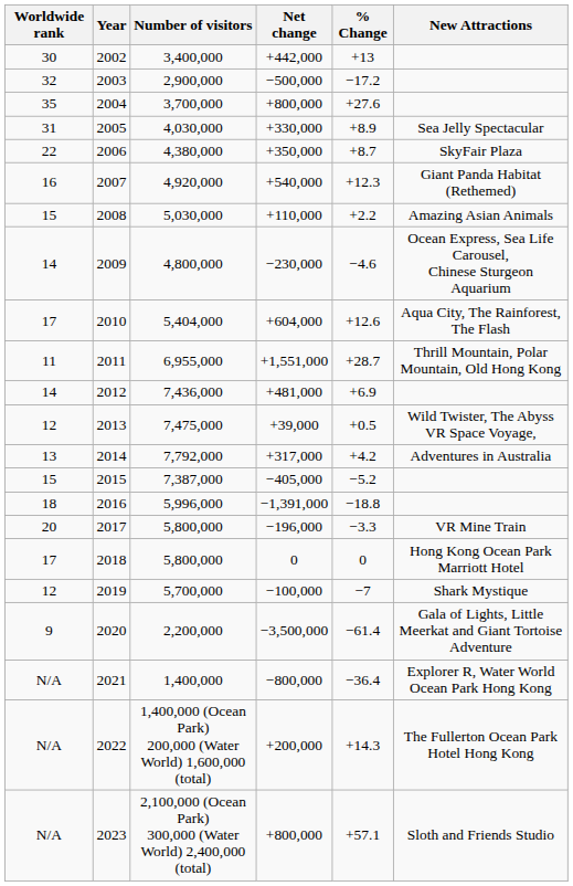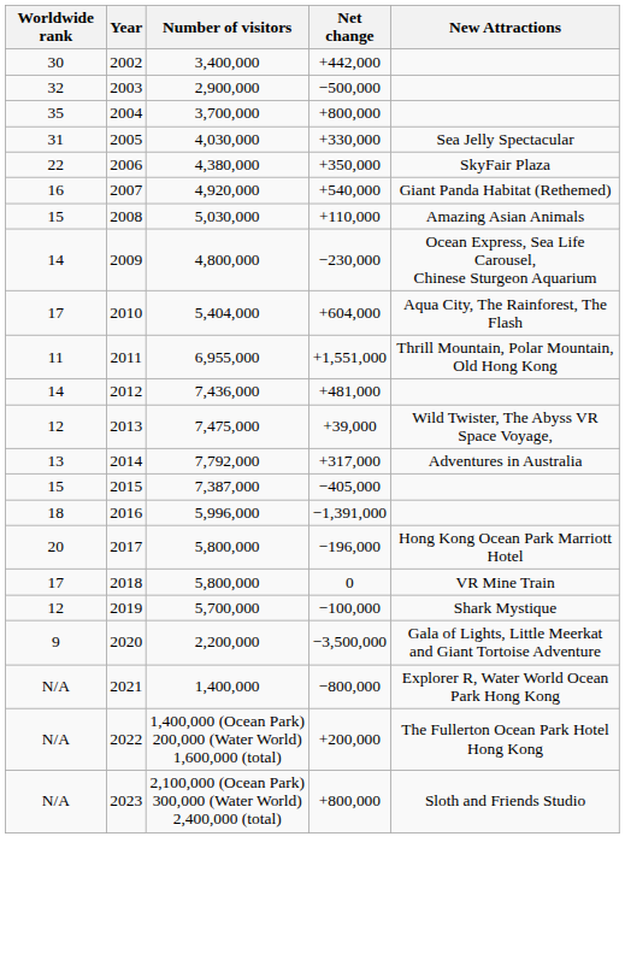 <table class="wikitable sortable mw-collapsible mw-collapsed" style=";text-align:center">
 <tr>
 <th>Worldwide rank</th>
 <th>Year</th>
 <th>Number of visitors</th>
 <th>Net change</th>
-<th>% Change</th>
 <th>New Attractions</th>
 </tr>
 <tr>
 <td>30</td>
 <td>2002</td>
 <td>3,400,000</td>
 <td>+442,000</td>
-<td>+13</td>
 <td></td>
 </tr>
 <tr>
 <td>32</td>
 <td>2003</td>
 <td>2,900,000</td>
 <td>−500,000</td>
-<td>−17.2</td>
 <td></td>
 </tr>
 <tr>
 <td>35</td>
 <td>2004</td>
 <td>3,700,000</td>
 <td>+800,000</td>
-<td>+27.6</td>
 <td></td>
 </tr>
 <tr>
 <td>31</td>
 <td>2005</td>
 <td>4,030,000</td>
 <td>+330,000</td>
-<td>+8.9</td>
 <td>Sea Jelly Spectacular</td>
 </tr>
 <tr>
 <td>22</td>
 <td>2006</td>
 <td>4,380,000</td>
 <td>+350,000</td>
-<td>+8.7</td>
 <td>SkyFair Plaza</td>
 </tr>
 <tr>
 <td>16</td>
 <td>2007</td>
 <td>4,920,000</td>
 <td>+540,000</td>
-<td>+12.3</td>
 <td>Giant Panda Habitat (Rethemed)</td>
 </tr>
 <tr>
 <td>15</td>
 <td>2008</td>
 <td>5,030,000</td>
 <td>+110,000</td>
-<td>+2.2</td>
 <td>Amazing Asian Animals</td>
 </tr>
 <tr>
 <td>14</td>
 <td>2009</td>
 <td>4,800,000</td>
 <td>−230,000</td>
-<td>−4.6</td>
 <td>Ocean Express, Sea Life Carousel,<br>Chinese Sturgeon Aquarium</td>
 </tr>
 <tr>
 <td>17</td>
 <td>2010</td>
 <td>5,404,000</td>
 <td>+604,000</td>
-<td>+12.6</td>
 <td>Aqua City, The Rainforest, The Flash</td>
 </tr>
 <tr>
 <td>11</td>
 <td>2011</td>
 <td>6,955,000</td>
 <td>+1,551,000</td>
-<td>+28.7</td>
 <td>Thrill Mountain, Polar Mountain, Old Hong Kong</td>
 </tr>
 <tr>
 <td>14</td>
 <td>2012</td>
 <td>7,436,000</td>
 <td>+481,000</td>
-<td>+6.9</td>
 <td></td>
 </tr>
 <tr>
 <td>12</td>
 <td>2013</td>
 <td>7,475,000</td>
 <td>+39,000</td>
-<td>+0.5</td>
 <td>Wild Twister, The Abyss VR Space Voyage,</td>
 </tr>
 <tr>
 <td>13</td>
 <td>2014</td>
 <td>7,792,000</td>
 <td>+317,000</td>
-<td>+4.2</td>
 <td>Adventures in Australia</td>
 </tr>
 <tr>
 <td>15</td>
 <td>2015</td>
 <td>7,387,000</td>
 <td>−405,000</td>
-<td>−5.2</td>
 <td></td>
 </tr>
 <tr>
 <td>18</td>
 <td>2016</td>
 <td>5,996,000</td>
 <td>−1,391,000</td>
-<td>−18.8</td>
 <td></td>
 </tr>
 <tr>
 <td>20</td>
 <td>2017</td>
 <td>5,800,000</td>
 <td>−196,000</td>
-<td>−3.3</td>
-<td>VR Mine Train</td>
+<td>Hong Kong Ocean Park Marriott Hotel</td>
 </tr>
 <tr>
 <td>17</td>
 <td>2018</td>
 <td>5,800,000</td>
 <td>0</td>
-<td>0</td>
-<td>Hong Kong Ocean Park Marriott Hotel</td>
+<td>VR Mine Train</td>
 </tr>
 <tr>
 <td>12</td>
 <td>2019</td>
 <td>5,700,000</td>
 <td>−100,000</td>
-<td>−7</td>
 <td>Shark Mystique</td>
 </tr>
 <tr>
 <td>9</td>
 <td>2020</td>
 <td>2,200,000</td>
 <td>−3,500,000</td>
-<td>−61.4</td>
 <td>Gala of Lights, Little Meerkat and Giant Tortoise Adventure</td>
 </tr>
 <tr>
 <td>N/A</td>
 <td>2021</td>
 <td>1,400,000</td>
 <td>−800,000</td>
-<td>−36.4</td>
 <td>Explorer R, Water World Ocean Park Hong Kong</td>
 </tr>
 <tr>
 <td>N/A</td>
 <td>2022</td>
 <td>1,400,000 (Ocean Park)<br>200,000 (Water World) 1,600,000 (total)</td>
 <td>+200,000</td>
-<td>+14.3</td>
 <td>The Fullerton Ocean Park Hotel Hong Kong</td>
 </tr>
 <tr>
 <td>N/A</td>
 <td>2023</td>
 <td>2,100,000 (Ocean Park)<br>300,000 (Water World) 2,400,000 (total)</td>
 <td>+800,000</td>
-<td>+57.1</td>
 <td>Sloth and Friends Studio</td>
 </tr>
 </table>
